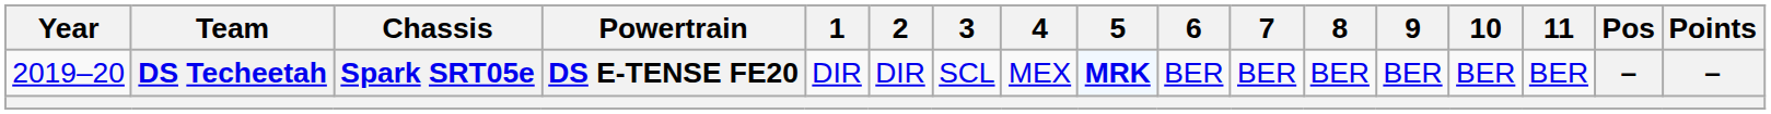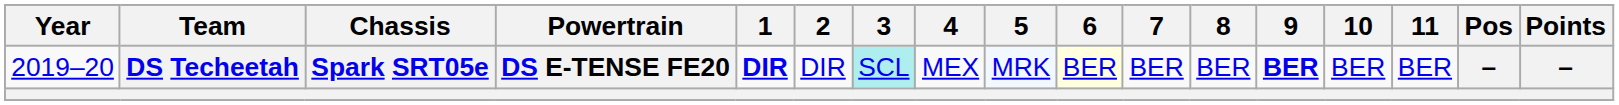 <table class="wikitable" style="text-align:center; font-size:85%">
 <tr>
 <th>Year</th>
 <th>Team</th>
 <th>Chassis</th>
 <th>Powertrain</th>
 <th>1</th>
 <th>2</th>
 <th>3</th>
 <th>4</th>
 <th>5</th>
 <th>6</th>
 <th>7</th>
 <th>8</th>
 <th>9</th>
 <th>10</th>
 <th>11</th>
 <th>Pos</th>
 <th>Points</th>
 </tr>
 <tr>
 <td nowrap><a href='#'>2019–20</a></td>
 <th nowrap><a href='#'>DS</a> <a href='#'>Techeetah</a></th>
 <th nowrap><a href='#'>Spark</a> <a href='#'>SRT05e</a></th>
 <th nowrap><a href='#'>DS</a> E-TENSE FE20</th>
+<td><strong><a href='#'>DIR</a></strong></td>
 <td><a href='#'>DIR</a></td>
-<td><a href='#'>DIR</a></td>
-<td><a href='#'>SCL</a></td>
+<td style="background: paleturquoise;"><a href='#'>SCL</a></td>
 <td><a href='#'>MEX</a></td>
-<td style="background:#F1F8FF;"><strong><a href='#'>MRK</a><br></strong></td>
+<td style="background:#F1F8FF;"><a href='#'>MRK</a><br></td>
+<td style="background: lightyellow;"><a href='#'>BER</a></td>
 <td><a href='#'>BER</a></td>
 <td><a href='#'>BER</a></td>
-<td><a href='#'>BER</a></td>
-<td><a href='#'>BER</a></td>
+<td><strong><a href='#'>BER</a></strong></td>
 <td><a href='#'>BER</a></td>
 <td><a href='#'>BER</a></td>
 <th>–</th>
 <th>–</th>
 </tr>
 <tr>
 <th colspan="17"></th>
 </tr>
 </table>
